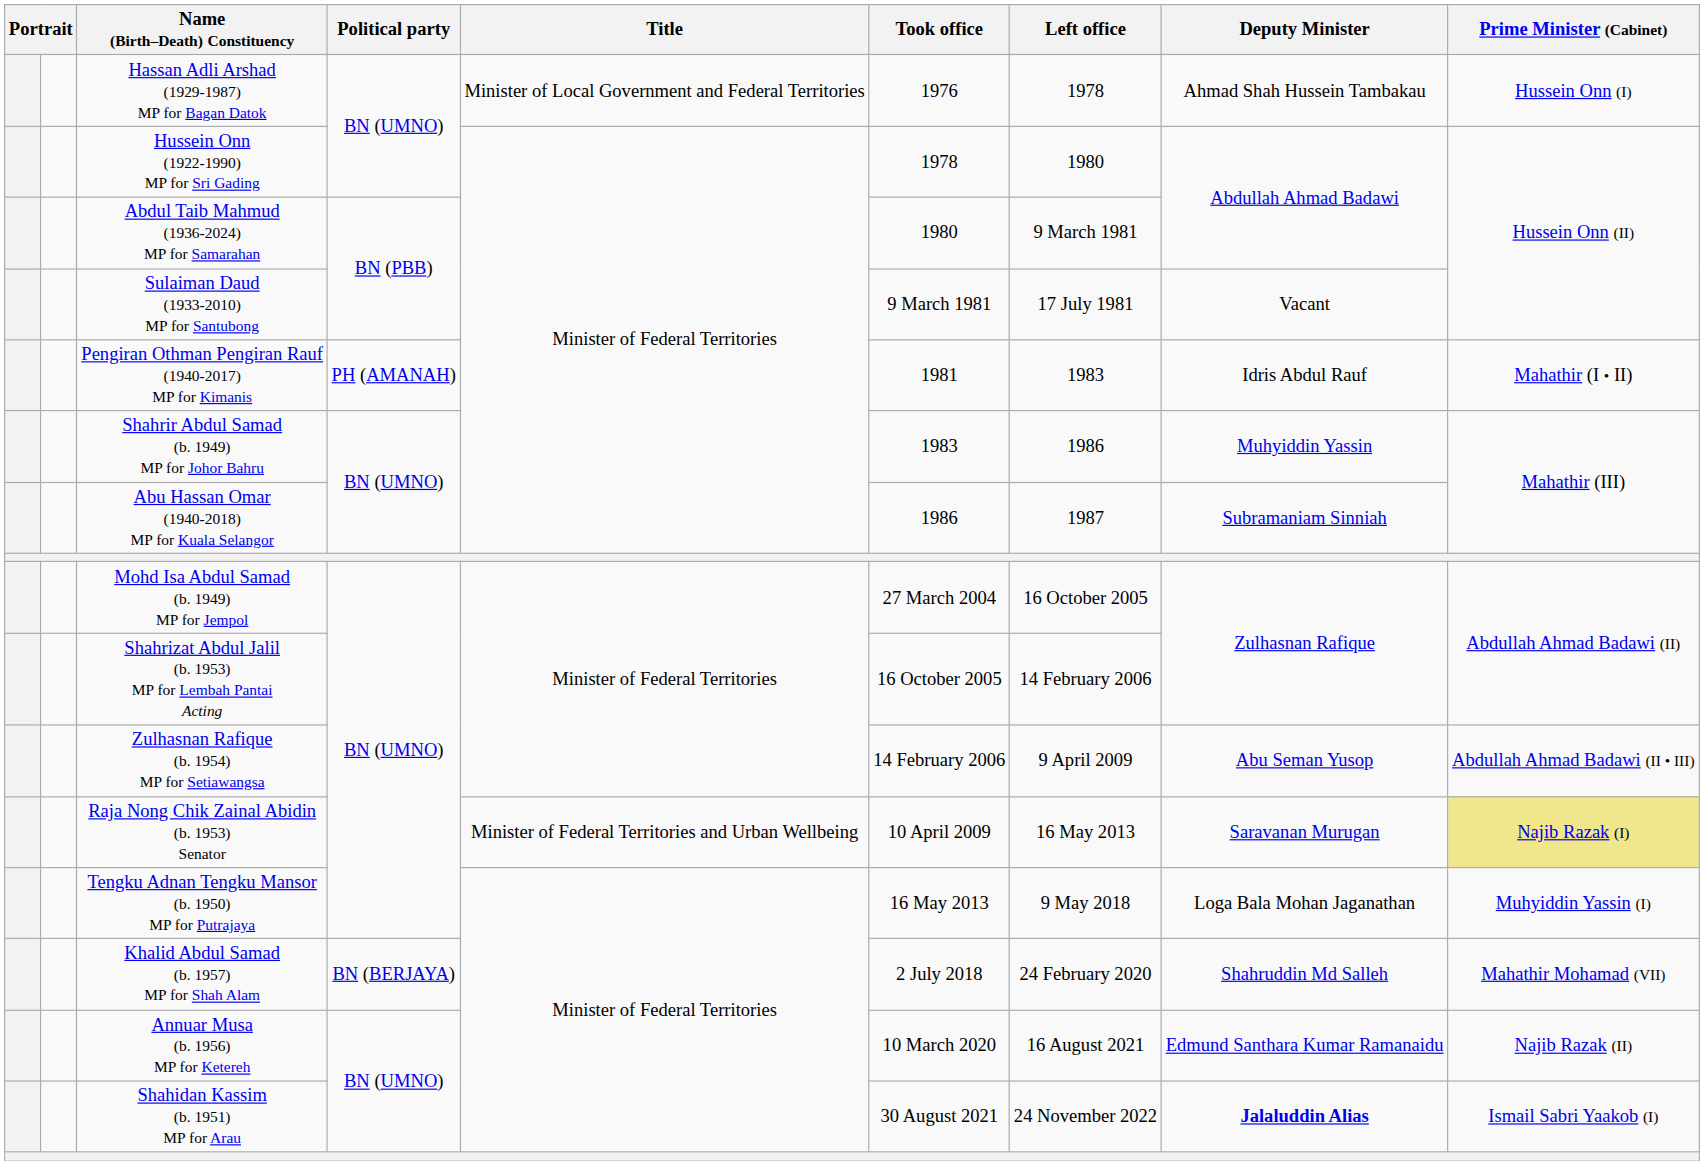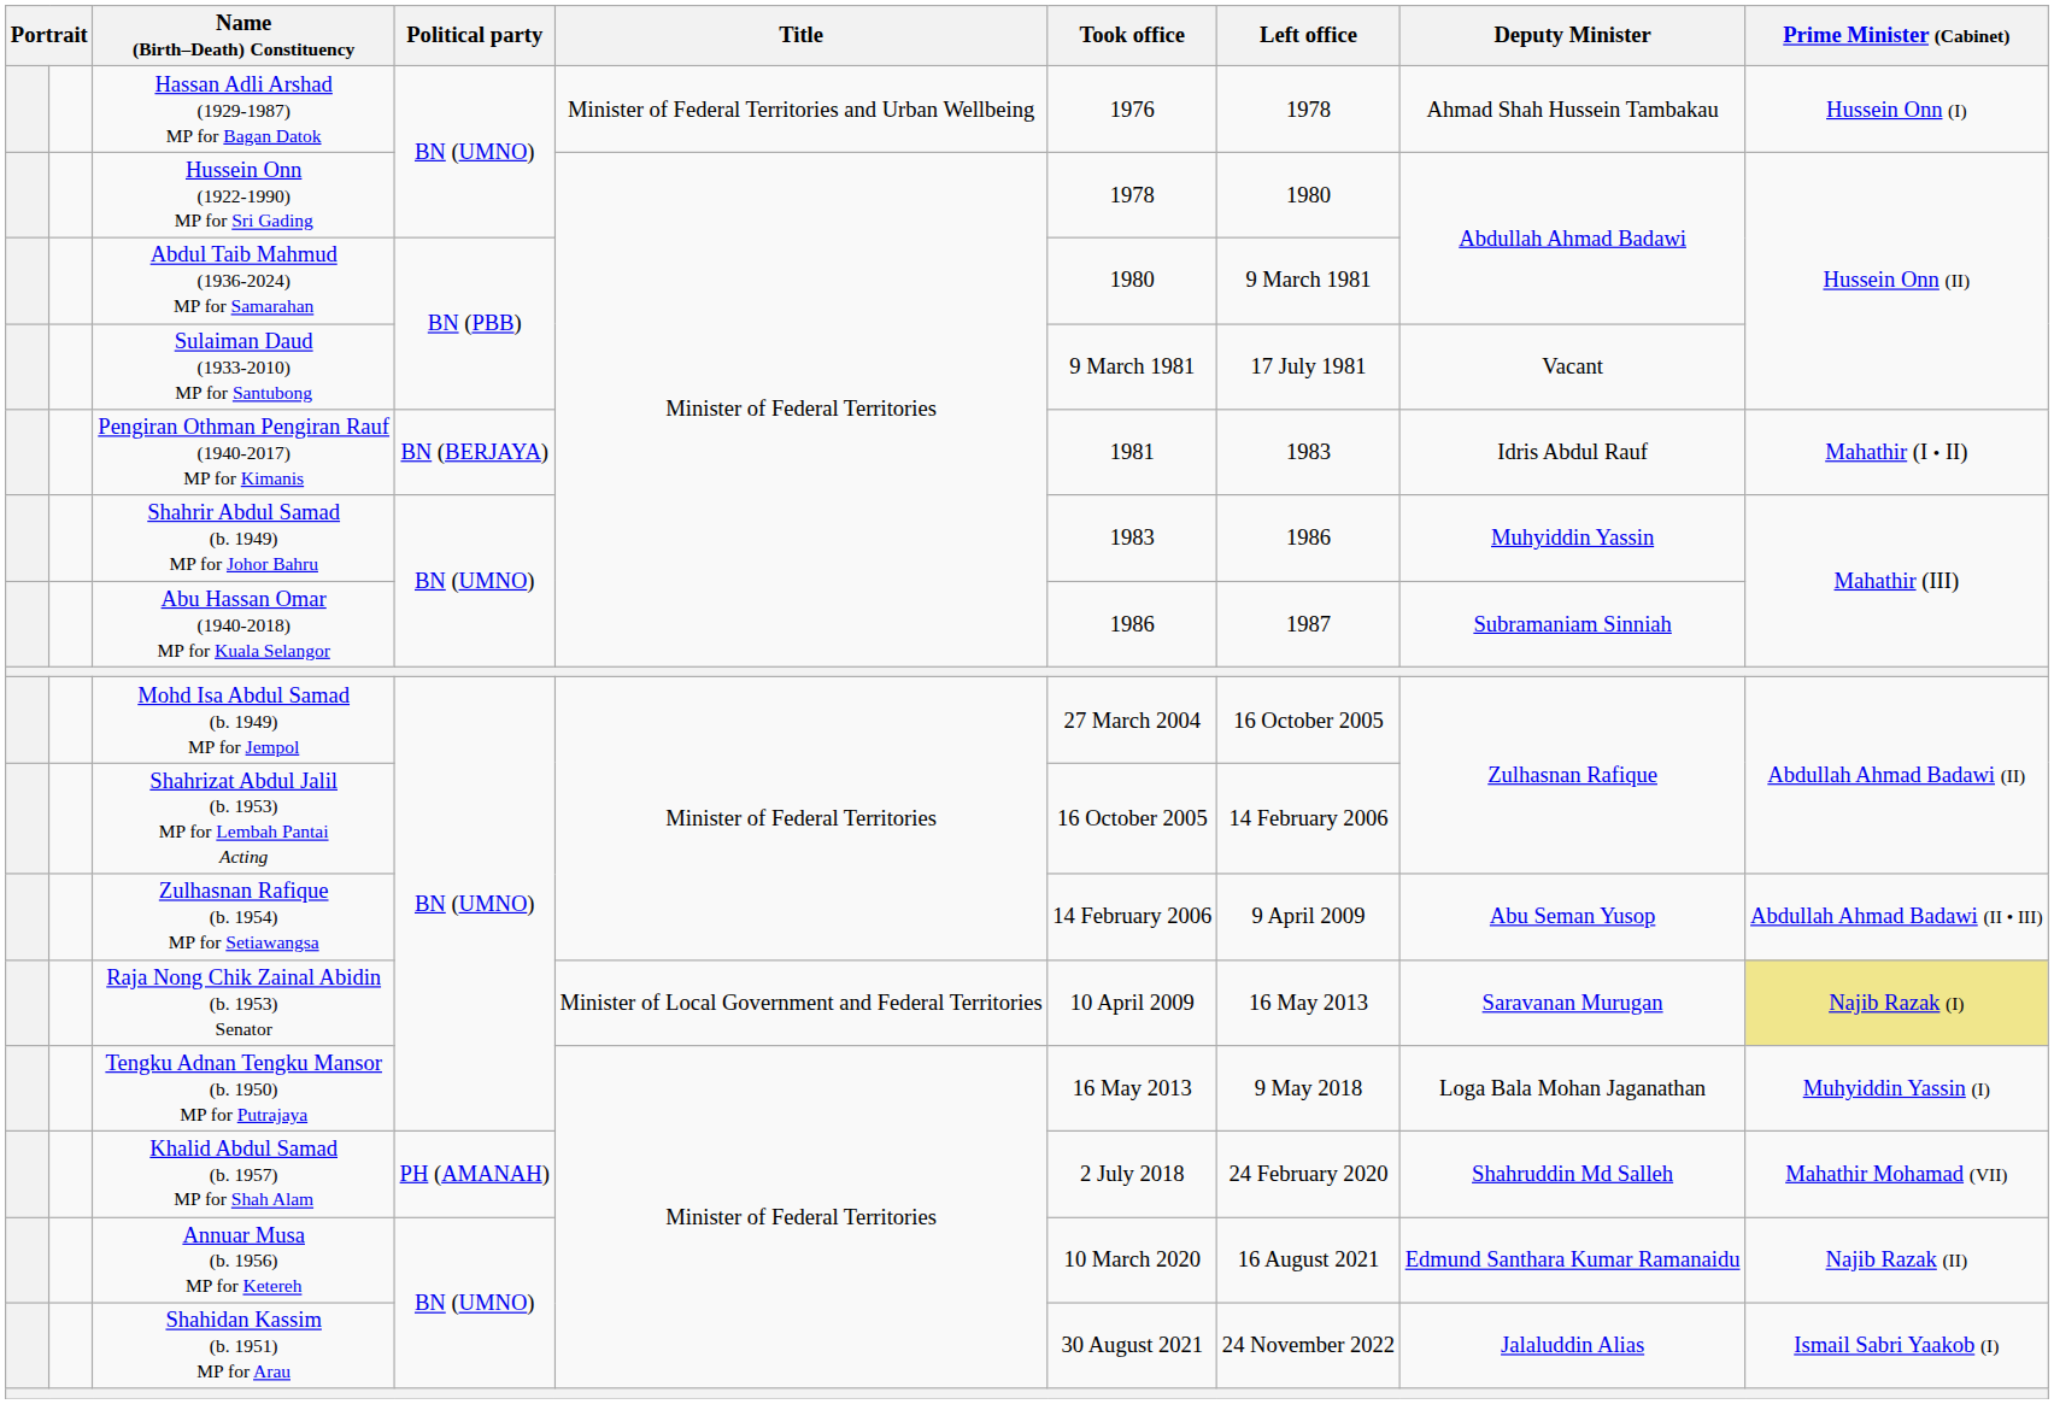 <table class="wikitable" style="text-align:center;">
 <tr>
 <th colspan="2">Portrait</th>
 <th>Name<br><small>(Birth–Death)</small> <small>Constituency</small></th>
 <th>Political party</th>
 <th>Title</th>
 <th>Took office</th>
 <th>Left office</th>
 <th>Deputy Minister</th>
 <th><a href='#'>Prime Minister</a> <small>(Cabinet)</small></th>
 </tr>
 <tr>
 <th style="background:"></th>
 <td></td>
 <td><a href='#'>Hassan Adli Arshad</a><br><small>(1929-1987)<br></small><small>MP for <a href='#'>Bagan Datok</a></small></td>
 <td rowspan="2"><a href='#'>BN</a> (<a href='#'>UMNO</a>)</td>
-<td>Minister of Local Government and Federal Territories</td>
+<td>Minister of Federal Territories and Urban Wellbeing</td>
 <td>1976</td>
 <td>1978</td>
 <td>Ahmad Shah Hussein Tambakau</td>
 <td><a href='#'>Hussein Onn</a> <small>(I)</small></td>
 </tr>
 <tr>
 <th style="background:"></th>
 <td></td>
 <td><a href='#'>Hussein Onn</a><br><small>(1922-1990)</small><br><small>MP for <a href='#'>Sri Gading</a></small></td>
 <td rowspan="6">Minister of Federal Territories</td>
 <td>1978</td>
 <td>1980</td>
 <td rowspan="2"><a href='#'>Abdullah Ahmad Badawi</a></td>
 <td rowspan="3"><a href='#'>Hussein Onn</a> <small>(II)</small></td>
 </tr>
 <tr>
 <th style="background:"></th>
 <td></td>
 <td><a href='#'>Abdul Taib Mahmud</a><br><small>(1936-2024)</small><br><small>MP for <a href='#'>Samarahan</a></small></td>
 <td rowspan="2"><a href='#'>BN</a> (<a href='#'>PBB</a>)</td>
 <td>1980</td>
 <td>9 March 1981</td>
 </tr>
 <tr>
 <th style="background:"></th>
 <td></td>
 <td><a href='#'>Sulaiman Daud</a><small><br>(1933-2010)</small><br><small>MP for <a href='#'>Santubong</a></small></td>
 <td>9 March 1981</td>
 <td>17 July 1981</td>
 <td>Vacant</td>
 </tr>
 <tr>
 <th style="background:"></th>
 <td></td>
 <td><a href='#'>Pengiran Othman Pengiran Rauf</a><small><br>(1940-2017)</small><small><br>MP for <a href='#'>Kimanis</a></small></td>
-<td><a href='#'>PH</a> (<a href='#'>AMANAH</a>)</td>
+<td><a href='#'>BN</a> (<a href='#'>BERJAYA</a>)</td>
 <td>1981</td>
 <td>1983</td>
 <td>Idris Abdul Rauf</td>
 <td><a href='#'>Mahathir</a> (I <small>•</small> II)</td>
 </tr>
 <tr>
 <th style="background:"></th>
 <td></td>
 <td><a href='#'>Shahrir Abdul Samad</a><br><small>(b. 1949)</small><small><br>MP for <a href='#'>Johor Bahru</a></small></td>
 <td rowspan="2"><a href='#'>BN</a> (<a href='#'>UMNO</a>)</td>
 <td>1983</td>
 <td>1986</td>
 <td><a href='#'>Muhyiddin Yassin</a></td>
 <td rowspan="2"><a href='#'>Mahathir</a>  (III)</td>
 </tr>
 <tr>
 <th style="background:"></th>
 <td></td>
 <td><a href='#'>Abu Hassan Omar</a><small><br>(1940-2018)</small><small><br>MP for <a href='#'>Kuala Selangor</a></small></td>
 <td>1986</td>
 <td>1987</td>
 <td><a href='#'>Subramaniam Sinniah</a></td>
 </tr>
 <tr>
 <th colspan="9" bgcolor="cccccc"></th>
 </tr>
 <tr>
 <th style="background:"></th>
 <td></td>
 <td><a href='#'>Mohd Isa Abdul Samad</a><small><br>(b. 1949)</small><br><small>MP for <a href='#'>Jempol</a></small></td>
 <td rowspan="5"><a href='#'>BN</a> (<a href='#'>UMNO</a>)</td>
 <td rowspan="3">Minister of Federal Territories</td>
 <td>27 March 2004</td>
 <td>16 October 2005</td>
 <td rowspan="2"><a href='#'>Zulhasnan Rafique</a></td>
 <td rowspan="2"><a href='#'>Abdullah Ahmad Badawi</a> <small>(II)</small></td>
 </tr>
 <tr>
 <th style="background:"></th>
 <td></td>
 <td><a href='#'>Shahrizat Abdul Jalil</a><small><br>(b. 1953)</small><br><small>MP for <a href='#'>Lembah Pantai</a></small><br><small><em>Acting</em></small></td>
 <td>16 October 2005</td>
 <td>14 February 2006</td>
 </tr>
 <tr>
 <th style="background:"></th>
 <td></td>
 <td><a href='#'>Zulhasnan Rafique</a><br><small>(b. 1954)</small><br><small>MP for <a href='#'>Setiawangsa</a></small></td>
 <td>14 February 2006</td>
 <td>9 April 2009</td>
 <td><a href='#'>Abu Seman Yusop</a></td>
 <td><a href='#'>Abdullah Ahmad Badawi</a> <small>(II • III)</small></td>
 </tr>
 <tr>
 <th style="background:"></th>
 <td></td>
 <td><a href='#'>Raja Nong Chik Zainal Abidin</a><br><small>(b. 1953)</small><br><small>Senator</small></td>
-<td>Minister of Federal Territories and Urban Wellbeing</td>
+<td>Minister of Local Government and Federal Territories</td>
 <td>10 April 2009</td>
 <td>16 May 2013</td>
 <td><a href='#'>Saravanan Murugan</a></td>
 <td style="background: khaki;"><a href='#'>Najib Razak</a> <small>(I)</small></td>
 </tr>
 <tr>
 <th style="background:"></th>
 <td></td>
 <td><a href='#'>Tengku Adnan Tengku Mansor</a><br><small>(b. 1950)</small><br><small>MP for <a href='#'>Putrajaya</a></small></td>
 <td rowspan="4">Minister of Federal Territories</td>
 <td>16 May 2013</td>
 <td>9 May 2018</td>
 <td>Loga Bala Mohan Jaganathan</td>
 <td><a href='#'>Muhyiddin Yassin</a> <small>(I)</small></td>
 </tr>
 <tr>
 <th style="background:"></th>
 <td></td>
 <td><a href='#'>Khalid Abdul Samad</a><br><small>(b. 1957)</small><br><small>MP for <a href='#'>Shah Alam</a></small></td>
-<td><a href='#'>BN</a> (<a href='#'>BERJAYA</a>)</td>
+<td><a href='#'>PH</a> (<a href='#'>AMANAH</a>)</td>
 <td>2 July 2018</td>
 <td>24 February 2020</td>
 <td><a href='#'>Shahruddin Md Salleh</a></td>
 <td><a href='#'>Mahathir Mohamad</a> <small>(VII)</small></td>
 </tr>
 <tr>
 <th style="background:"></th>
 <td></td>
 <td><a href='#'>Annuar Musa</a><br><small>(b. 1956)</small><br><small>MP for <a href='#'>Ketereh</a></small></td>
 <td rowspan="2"><a href='#'>BN</a> (<a href='#'>UMNO</a>)</td>
 <td>10 March 2020</td>
 <td>16 August 2021</td>
 <td><a href='#'>Edmund Santhara Kumar Ramanaidu</a></td>
 <td><a href='#'>Najib Razak</a> <small>(II)</small></td>
 </tr>
 <tr>
 <th style="background:"></th>
 <td></td>
 <td><a href='#'>Shahidan Kassim</a><br><small>(b. 1951)</small><br><small>MP for <a href='#'>Arau</a></small></td>
 <td>30 August 2021</td>
 <td>24 November 2022</td>
-<td><strong><a href='#'>Jalaluddin Alias</a></strong></td>
+<td><a href='#'>Jalaluddin Alias</a></td>
 <td><a href='#'>Ismail Sabri Yaakob</a> <small>(I)</small></td>
 </tr>
 <tr>
 <th colspan="9" bgcolor="cccccc"></th>
 </tr>
 </table>
